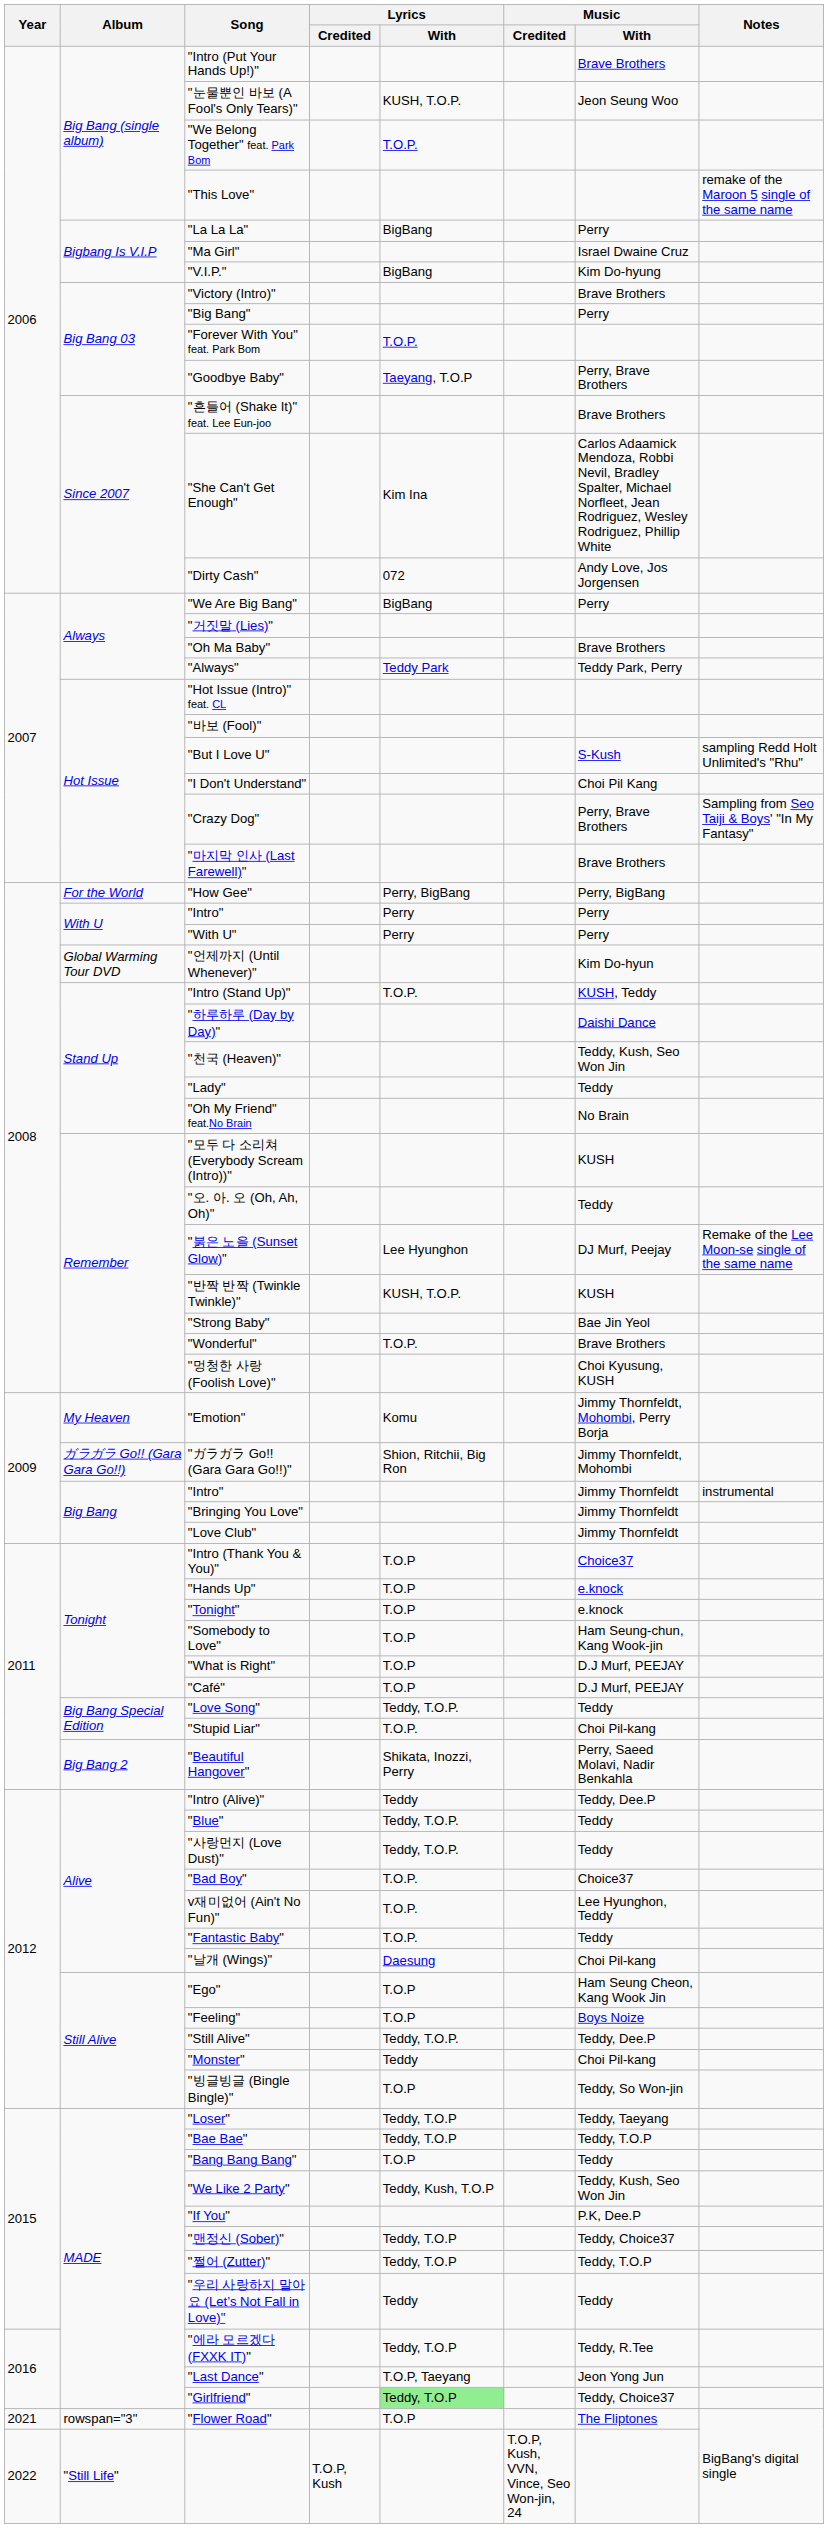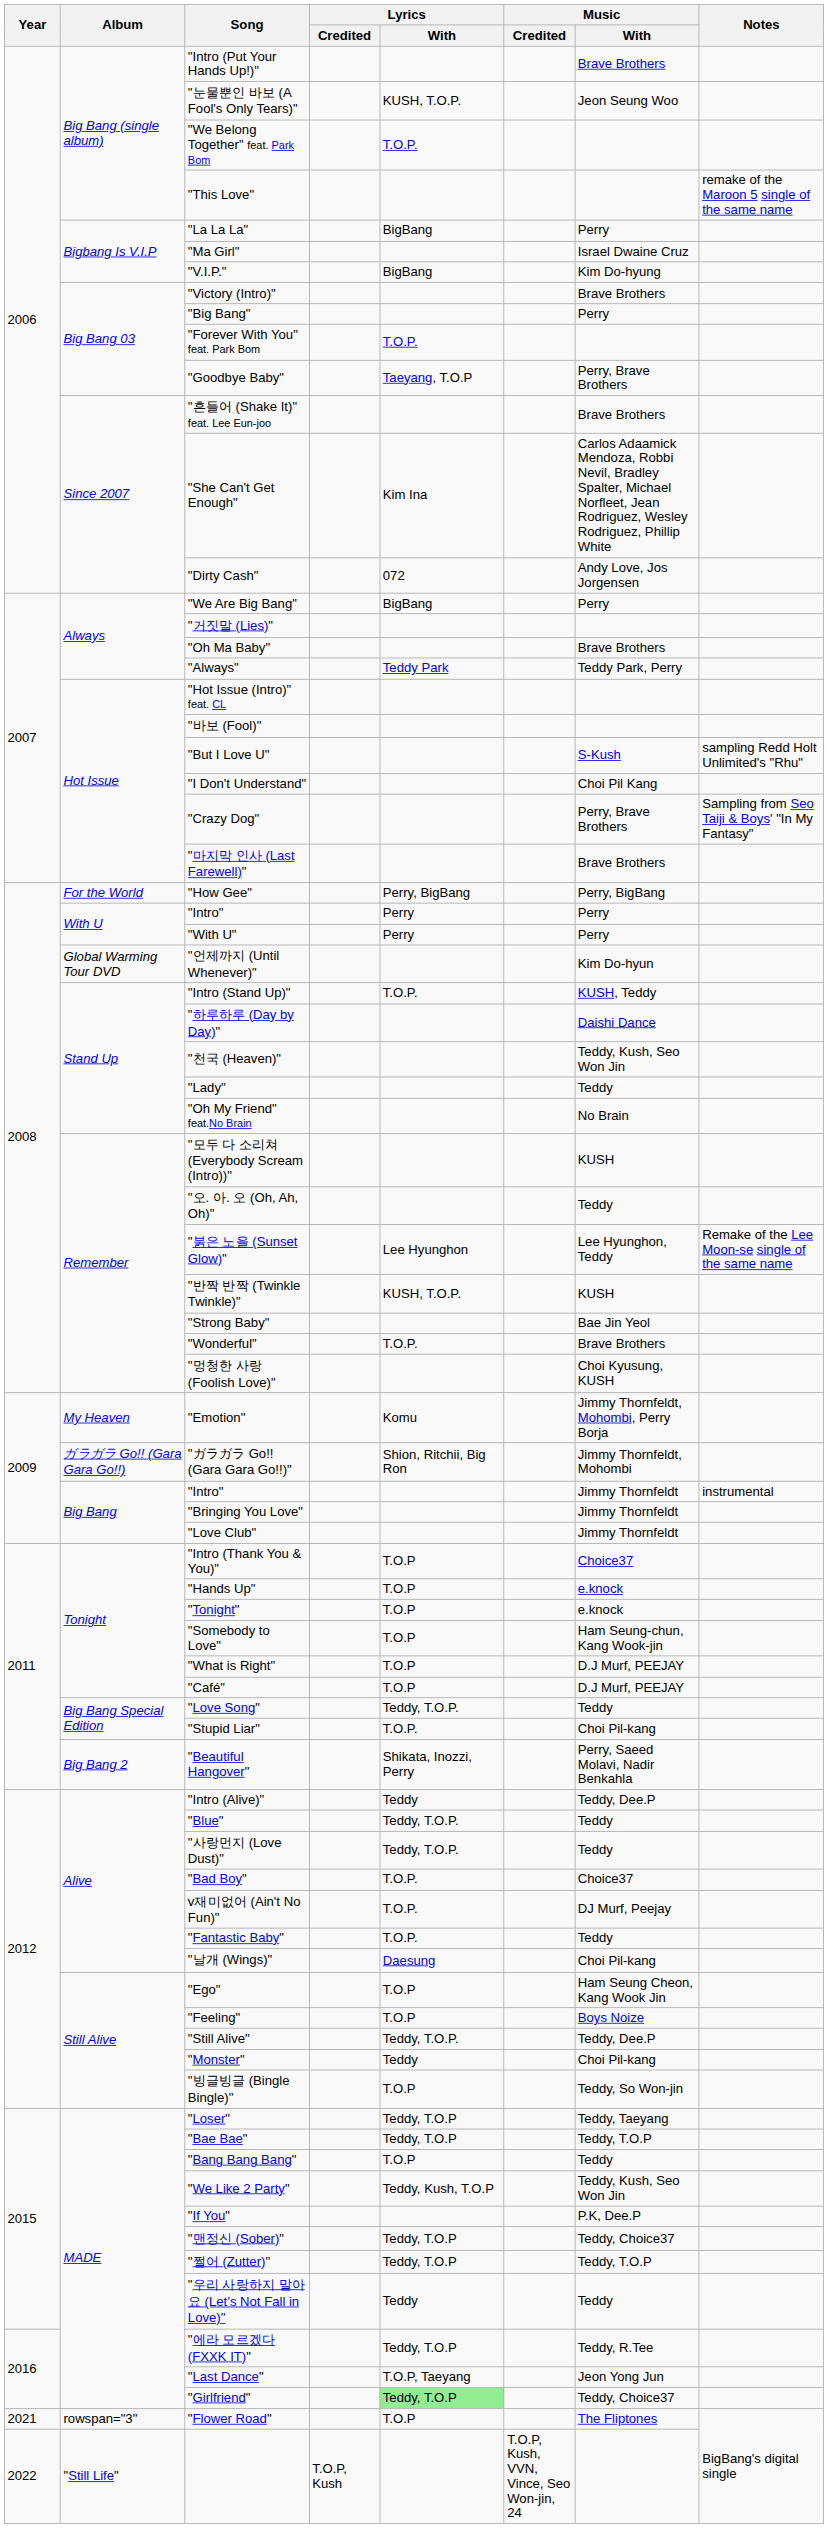 <table class="wikitable" width=1000px>
 <tr>
 <th rowspan=2 width=50px>Year</th>
 <th rowspan=2 width=120px>Album</th>
 <th rowspan=2 width=120px>Song</th>
 <th colspan="2">Lyrics</th>
 <th colspan="2">Music</th>
 <th rowspan=2 width=120px>Notes</th>
 </tr>
 <tr>
 <th width=50px>Credited</th>
 <th width=120px>With</th>
 <th width=50px>Credited</th>
 <th width=120px>With</th>
 </tr>
 <tr>
 <td rowspan="14">2006</td>
 <td rowspan="4"><em><a href='#'>Big Bang (single album)</a></em></td>
 <td>"Intro (Put Your Hands Up!)"</td>
 <td></td>
 <td></td>
 <td></td>
 <td><a href='#'>Brave Brothers</a></td>
 <td></td>
 </tr>
 <tr>
 <td>"눈물뿐인 바보 (A Fool's Only Tears)"</td>
 <td></td>
 <td>KUSH, T.O.P.</td>
 <td></td>
 <td>Jeon Seung Woo</td>
 <td></td>
 </tr>
 <tr>
 <td>"We Belong Together" <small>feat. <a href='#'>Park Bom</a></small></td>
 <td></td>
 <td><a href='#'>T.O.P.</a></td>
 <td></td>
 <td></td>
 <td></td>
 </tr>
 <tr>
 <td>"This Love"</td>
 <td></td>
 <td></td>
 <td></td>
 <td></td>
 <td>remake of the <a href='#'>Maroon 5</a> <a href='#'>single of the same name</a></td>
 </tr>
 <tr>
 <td rowspan="3"><em><a href='#'>Bigbang Is V.I.P</a></em></td>
 <td>"La La La"</td>
 <td></td>
 <td>BigBang</td>
 <td></td>
 <td>Perry</td>
 <td></td>
 </tr>
 <tr>
 <td>"Ma Girl"</td>
 <td></td>
 <td></td>
 <td></td>
 <td>Israel Dwaine Cruz</td>
 <td></td>
 </tr>
 <tr>
 <td>"V.I.P."</td>
 <td></td>
 <td>BigBang</td>
 <td></td>
 <td>Kim Do-hyung</td>
 <td></td>
 </tr>
 <tr>
 <td rowspan="4"><em><a href='#'>Big Bang 03</a></em></td>
 <td>"Victory (Intro)"</td>
 <td></td>
 <td></td>
 <td></td>
 <td>Brave Brothers</td>
 <td></td>
 </tr>
 <tr>
 <td>"Big Bang"</td>
 <td></td>
 <td></td>
 <td></td>
 <td>Perry</td>
 <td></td>
 </tr>
 <tr>
 <td>"Forever With You"  <small>feat. Park Bom</small></td>
 <td></td>
 <td><a href='#'>T.O.P.</a></td>
 <td></td>
 <td></td>
 <td></td>
 </tr>
 <tr>
 <td>"Goodbye Baby"</td>
 <td></td>
 <td><a href='#'>Taeyang</a>, T.O.P</td>
 <td></td>
 <td>Perry, Brave Brothers</td>
 <td></td>
 </tr>
 <tr>
 <td rowspan="3"><em><a href='#'>Since 2007</a></em></td>
 <td>"흔들어 (Shake It)" <small>feat. Lee Eun-joo</small></td>
 <td></td>
 <td></td>
 <td></td>
 <td>Brave Brothers</td>
 <td></td>
 </tr>
 <tr>
 <td>"She Can't Get Enough"</td>
 <td></td>
 <td>Kim Ina</td>
 <td></td>
 <td>Carlos Adaamick Mendoza, Robbi Nevil, Bradley Spalter, Michael Norfleet, Jean Rodriguez, Wesley Rodriguez, Phillip White</td>
 <td></td>
 </tr>
 <tr>
 <td>"Dirty Cash"</td>
 <td></td>
 <td>072</td>
 <td></td>
 <td>Andy Love, Jos Jorgensen</td>
 <td></td>
 </tr>
 <tr>
 <td rowspan="10">2007</td>
 <td rowspan="4"><em><a href='#'>Always</a></em></td>
 <td>"We Are Big Bang"</td>
 <td></td>
 <td>BigBang</td>
 <td></td>
 <td>Perry</td>
 <td></td>
 </tr>
 <tr>
 <td>"<a href='#'>거짓말 (Lies)</a>"</td>
 <td></td>
 <td></td>
 <td></td>
 <td></td>
 <td></td>
 </tr>
 <tr>
 <td>"Oh Ma Baby"</td>
 <td></td>
 <td></td>
 <td></td>
 <td>Brave Brothers</td>
 <td></td>
 </tr>
 <tr>
 <td>"Always"</td>
 <td></td>
 <td><a href='#'>Teddy Park</a></td>
 <td></td>
 <td>Teddy Park, Perry</td>
 <td></td>
 </tr>
 <tr>
 <td rowspan="6"><em><a href='#'>Hot Issue</a></em></td>
 <td>"Hot Issue (Intro)" <small>feat. <a href='#'>CL</a></small></td>
 <td></td>
 <td></td>
 <td></td>
 <td></td>
 <td></td>
 </tr>
 <tr>
 <td>"바보 (Fool)"</td>
 <td></td>
 <td></td>
 <td></td>
 <td></td>
 <td></td>
 </tr>
 <tr>
 <td>"But I Love U"</td>
 <td></td>
 <td></td>
 <td></td>
 <td><a href='#'>S-Kush</a></td>
 <td>sampling Redd Holt Unlimited's "Rhu"</td>
 </tr>
 <tr>
 <td>"I Don't Understand"</td>
 <td></td>
 <td></td>
 <td></td>
 <td>Choi Pil Kang</td>
 <td></td>
 </tr>
 <tr>
 <td>"Crazy Dog"</td>
 <td></td>
 <td></td>
 <td></td>
 <td>Perry, Brave Brothers</td>
 <td>Sampling from <a href='#'>Seo Taiji & Boys</a>' "In My Fantasy"</td>
 </tr>
 <tr>
 <td>"<a href='#'>마지막 인사 (Last Farewell)</a>"</td>
 <td></td>
 <td></td>
 <td></td>
 <td>Brave Brothers</td>
 <td></td>
 </tr>
 <tr>
 <td rowspan="16">2008</td>
 <td rowspan="1"><em><a href='#'>For the World</a></em></td>
 <td>"How Gee"</td>
 <td></td>
 <td>Perry, BigBang</td>
 <td></td>
 <td>Perry, BigBang</td>
 <td></td>
 </tr>
 <tr>
 <td rowspan="2"><em><a href='#'>With U</a></em></td>
 <td>"Intro"</td>
 <td></td>
 <td>Perry</td>
 <td></td>
 <td>Perry</td>
 <td></td>
 </tr>
 <tr>
 <td>"With U"</td>
 <td></td>
 <td>Perry</td>
 <td></td>
 <td>Perry</td>
 <td></td>
 </tr>
 <tr>
 <td><em>Global Warming Tour DVD</em></td>
 <td>"언제까지 (Until Whenever)"</td>
 <td></td>
 <td></td>
 <td></td>
 <td>Kim Do-hyun</td>
 <td></td>
 </tr>
 <tr>
 <td rowspan="5"><em><a href='#'>Stand Up</a></em></td>
 <td>"Intro (Stand Up)"</td>
 <td></td>
 <td>T.O.P.</td>
 <td></td>
 <td><a href='#'>KUSH</a>, Teddy</td>
 <td></td>
 </tr>
 <tr>
 <td>"<a href='#'>하루하루 (Day by Day)</a>"</td>
 <td></td>
 <td></td>
 <td></td>
 <td><a href='#'>Daishi Dance</a></td>
 <td></td>
 </tr>
 <tr>
 <td>"천국 (Heaven)"</td>
 <td></td>
 <td></td>
 <td></td>
 <td>Teddy, Kush, Seo Won Jin</td>
 <td></td>
 </tr>
 <tr>
 <td>"Lady"</td>
 <td></td>
 <td></td>
 <td></td>
 <td>Teddy</td>
 <td></td>
 </tr>
 <tr>
 <td>"Oh My Friend" <small>feat.<a href='#'>No Brain</a></small></td>
 <td></td>
 <td></td>
 <td></td>
 <td>No Brain</td>
 <td></td>
 </tr>
 <tr>
 <td rowspan="7"><em><a href='#'>Remember</a></em></td>
 <td>"모두 다 소리쳐 (Everybody Scream (Intro))"</td>
 <td></td>
 <td></td>
 <td></td>
 <td>KUSH</td>
 <td></td>
 </tr>
 <tr>
 <td>"오. 아. 오 (Oh, Ah, Oh)"</td>
 <td></td>
 <td></td>
 <td></td>
 <td>Teddy</td>
 <td></td>
 </tr>
 <tr>
 <td>"<a href='#'>붉은 노을 (Sunset Glow)</a>"</td>
 <td></td>
 <td>Lee Hyunghon</td>
 <td></td>
-<td>DJ Murf, Peejay</td>
+<td>Lee Hyunghon, Teddy</td>
 <td>Remake of the <a href='#'>Lee Moon-se</a> <a href='#'>single of the same name</a></td>
 </tr>
 <tr>
 <td>"반짝 반짝 (Twinkle Twinkle)"</td>
 <td></td>
 <td>KUSH, T.O.P.</td>
 <td></td>
 <td>KUSH</td>
 <td></td>
 </tr>
 <tr>
 <td>"Strong Baby"</td>
 <td></td>
 <td></td>
 <td></td>
 <td>Bae Jin Yeol</td>
 <td></td>
 </tr>
 <tr>
 <td>"Wonderful"</td>
 <td></td>
 <td>T.O.P.</td>
 <td></td>
 <td>Brave Brothers</td>
 <td></td>
 </tr>
 <tr>
 <td>"멍청한 사랑 (Foolish Love)"</td>
 <td></td>
 <td></td>
 <td></td>
 <td>Choi Kyusung, KUSH</td>
 <td></td>
 </tr>
 <tr>
 <td rowspan="5">2009</td>
 <td><em><a href='#'>My Heaven</a></em></td>
 <td>"Emotion"</td>
 <td></td>
 <td>Komu</td>
 <td></td>
 <td>Jimmy Thornfeldt, <a href='#'>Mohombi</a>, Perry Borja</td>
 <td></td>
 </tr>
 <tr>
 <td><em><a href='#'>ガラガラ Go!! (Gara Gara Go!!)</a></em></td>
 <td>"ガラガラ Go!! (Gara Gara Go!!)"</td>
 <td></td>
 <td>Shion, Ritchii, Big Ron</td>
 <td></td>
 <td>Jimmy Thornfeldt, Mohombi</td>
 <td></td>
 </tr>
 <tr>
 <td rowspan="3"><em><a href='#'>Big Bang</a></em></td>
 <td>"Intro"</td>
 <td></td>
 <td></td>
 <td></td>
 <td>Jimmy Thornfeldt</td>
 <td>instrumental</td>
 </tr>
 <tr>
 <td>"Bringing You Love"</td>
 <td></td>
 <td></td>
 <td></td>
 <td>Jimmy Thornfeldt</td>
 <td></td>
 </tr>
 <tr>
 <td>"Love Club"</td>
 <td></td>
 <td></td>
 <td></td>
 <td>Jimmy Thornfeldt</td>
 <td></td>
 </tr>
 <tr>
 <td rowspan="9">2011</td>
 <td rowspan="6"><em><a href='#'>Tonight</a></em></td>
 <td>"Intro (Thank You & You)"</td>
 <td></td>
 <td>T.O.P</td>
 <td></td>
 <td><a href='#'>Choice37</a></td>
 <td></td>
 </tr>
 <tr>
 <td>"Hands Up"</td>
 <td></td>
 <td>T.O.P</td>
 <td></td>
 <td><a href='#'>e.knock</a></td>
 <td></td>
 </tr>
 <tr>
 <td>"<a href='#'>Tonight</a>"</td>
 <td></td>
 <td>T.O.P</td>
 <td></td>
 <td>e.knock</td>
 <td></td>
 </tr>
 <tr>
 <td>"Somebody to Love"</td>
 <td></td>
 <td>T.O.P</td>
 <td></td>
 <td>Ham Seung-chun, Kang Wook-jin</td>
 <td></td>
 </tr>
 <tr>
 <td>"What is Right"</td>
 <td></td>
 <td>T.O.P</td>
 <td></td>
 <td>D.J Murf, PEEJAY</td>
 <td></td>
 </tr>
 <tr>
 <td>"Café"</td>
 <td></td>
 <td>T.O.P</td>
 <td></td>
 <td>D.J Murf, PEEJAY</td>
 <td></td>
 </tr>
 <tr>
 <td rowspan="2"><em><a href='#'>Big Bang Special Edition</a></em></td>
 <td>"<a href='#'>Love Song</a>"</td>
 <td></td>
 <td>Teddy, T.O.P.</td>
 <td></td>
 <td>Teddy</td>
 <td></td>
 </tr>
 <tr>
 <td>"Stupid Liar"</td>
 <td></td>
 <td>T.O.P.</td>
 <td></td>
 <td>Choi Pil-kang</td>
 <td></td>
 </tr>
 <tr>
 <td><em><a href='#'>Big Bang 2</a></em></td>
 <td>"<a href='#'>Beautiful Hangover</a>"</td>
 <td></td>
 <td>Shikata, Inozzi, Perry</td>
 <td></td>
 <td>Perry, Saeed Molavi, Nadir Benkahla</td>
 <td></td>
 </tr>
 <tr>
 <td rowspan="12">2012</td>
 <td rowspan="7"><em><a href='#'>Alive</a></em></td>
 <td>"Intro (Alive)"</td>
 <td></td>
 <td>Teddy</td>
 <td></td>
 <td>Teddy, Dee.P</td>
 <td></td>
 </tr>
 <tr>
 <td>"<a href='#'>Blue</a>"</td>
 <td></td>
 <td>Teddy, T.O.P.</td>
 <td></td>
 <td>Teddy</td>
 <td></td>
 </tr>
 <tr>
 <td>"사랑먼지  (Love Dust)"</td>
 <td></td>
 <td>Teddy, T.O.P.</td>
 <td></td>
 <td>Teddy</td>
 <td></td>
 </tr>
 <tr>
 <td>"<a href='#'>Bad Boy</a>"</td>
 <td></td>
 <td>T.O.P.</td>
 <td></td>
 <td>Choice37</td>
 <td></td>
 </tr>
 <tr>
 <td>v재미없어 (Ain't No Fun)"</td>
 <td></td>
 <td>T.O.P.</td>
 <td></td>
-<td>Lee Hyunghon, Teddy</td>
+<td>DJ Murf, Peejay</td>
 <td></td>
 </tr>
 <tr>
 <td>"<a href='#'>Fantastic Baby</a>"</td>
 <td></td>
 <td>T.O.P.</td>
 <td></td>
 <td>Teddy</td>
 <td></td>
 </tr>
 <tr>
 <td>"날개 (Wings)"</td>
 <td></td>
 <td><a href='#'>Daesung</a></td>
 <td></td>
 <td>Choi Pil-kang</td>
 <td></td>
 </tr>
 <tr>
 <td rowspan="5"><em><a href='#'>Still Alive</a></em></td>
 <td>"Ego"</td>
 <td></td>
 <td>T.O.P</td>
 <td></td>
 <td>Ham Seung Cheon, Kang Wook Jin</td>
 <td></td>
 </tr>
 <tr>
 <td>"Feeling"</td>
 <td></td>
 <td>T.O.P</td>
 <td></td>
 <td><a href='#'>Boys Noize</a></td>
 <td></td>
 </tr>
 <tr>
 <td>"Still Alive"</td>
 <td></td>
 <td>Teddy, T.O.P.</td>
 <td></td>
 <td>Teddy, Dee.P</td>
 <td></td>
 </tr>
 <tr>
 <td>"<a href='#'>Monster</a>"</td>
 <td></td>
 <td>Teddy</td>
 <td></td>
 <td>Choi Pil-kang</td>
 <td></td>
 </tr>
 <tr>
 <td>"빙글빙글 (Bingle Bingle)"</td>
 <td></td>
 <td>T.O.P</td>
 <td></td>
 <td>Teddy, So Won-jin</td>
 <td></td>
 </tr>
 <tr>
 <td rowspan="8">2015</td>
 <td rowspan="11"><em><a href='#'>MADE</a></em></td>
 <td>"<a href='#'>Loser</a>"</td>
 <td></td>
 <td>Teddy, T.O.P</td>
 <td></td>
 <td>Teddy, Taeyang</td>
 <td></td>
 </tr>
 <tr>
 <td>"<a href='#'>Bae Bae</a>"</td>
 <td></td>
 <td>Teddy, T.O.P</td>
 <td></td>
 <td>Teddy, T.O.P</td>
 <td></td>
 </tr>
 <tr>
 <td>"<a href='#'>Bang Bang Bang</a>"</td>
 <td></td>
 <td>T.O.P</td>
 <td></td>
 <td>Teddy</td>
 <td></td>
 </tr>
 <tr>
 <td>"<a href='#'>We Like 2 Party</a>"</td>
 <td></td>
 <td>Teddy, Kush, T.O.P</td>
 <td></td>
 <td>Teddy, Kush, Seo Won Jin</td>
 <td></td>
 </tr>
 <tr>
 <td>"<a href='#'>If You</a>"</td>
 <td></td>
 <td></td>
 <td></td>
 <td>P.K, Dee.P</td>
 <td></td>
 </tr>
 <tr>
 <td>"<a href='#'>맨정신 (Sober)</a>"</td>
 <td></td>
 <td>Teddy, T.O.P</td>
 <td></td>
 <td>Teddy, Choice37</td>
 <td></td>
 </tr>
 <tr>
 <td>"<a href='#'>쩔어 (Zutter)</a>"</td>
 <td></td>
 <td>Teddy, T.O.P</td>
 <td></td>
 <td>Teddy, T.O.P</td>
 <td></td>
 </tr>
 <tr>
 <td>"<a href='#'>우리 사랑하지 말아요 (Let’s Not Fall in Love)"</a></td>
 <td></td>
 <td>Teddy</td>
 <td></td>
 <td>Teddy</td>
 <td></td>
 </tr>
 <tr>
 <td rowspan="3">2016</td>
 <td>"<a href='#'>에라 모르겠다 (FXXK IT)</a>"</td>
 <td></td>
 <td>Teddy, T.O.P</td>
 <td></td>
 <td>Teddy, R.Tee</td>
 <td></td>
 </tr>
 <tr>
 <td>"<a href='#'>Last Dance</a>"</td>
 <td></td>
 <td>T.O.P, Taeyang</td>
 <td></td>
 <td>Jeon Yong Jun</td>
 <td></td>
 </tr>
 <tr>
 <td>"<a href='#'>Girlfriend</a>"</td>
 <td></td>
 <td style="background: lightgreen;">Teddy, T.O.P</td>
 <td></td>
 <td>Teddy, Choice37</td>
 <td></td>
 </tr>
 <tr>
 <td>2021</td>
 <td>rowspan="3" </td>
 <td>"<a href='#'>Flower Road</a>"</td>
 <td></td>
 <td>T.O.P</td>
 <td></td>
 <td><a href='#'>The Fliptones</a></td>
 <td rowspan="2">BigBang's digital single</td>
 </tr>
 <tr>
 <td>2022</td>
 <td>"<a href='#'>Still Life</a>"</td>
 <td></td>
 <td>T.O.P, Kush</td>
 <td></td>
 <td>T.O.P, Kush, VVN, Vince, Seo Won-jin, 24</td>
 </tr>
 </table>
